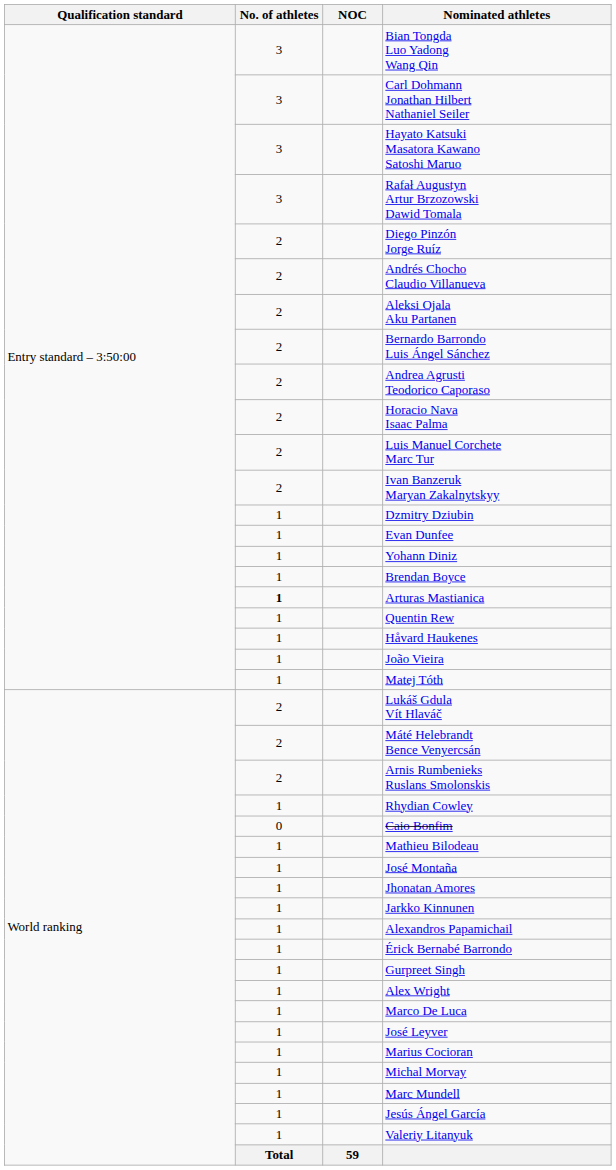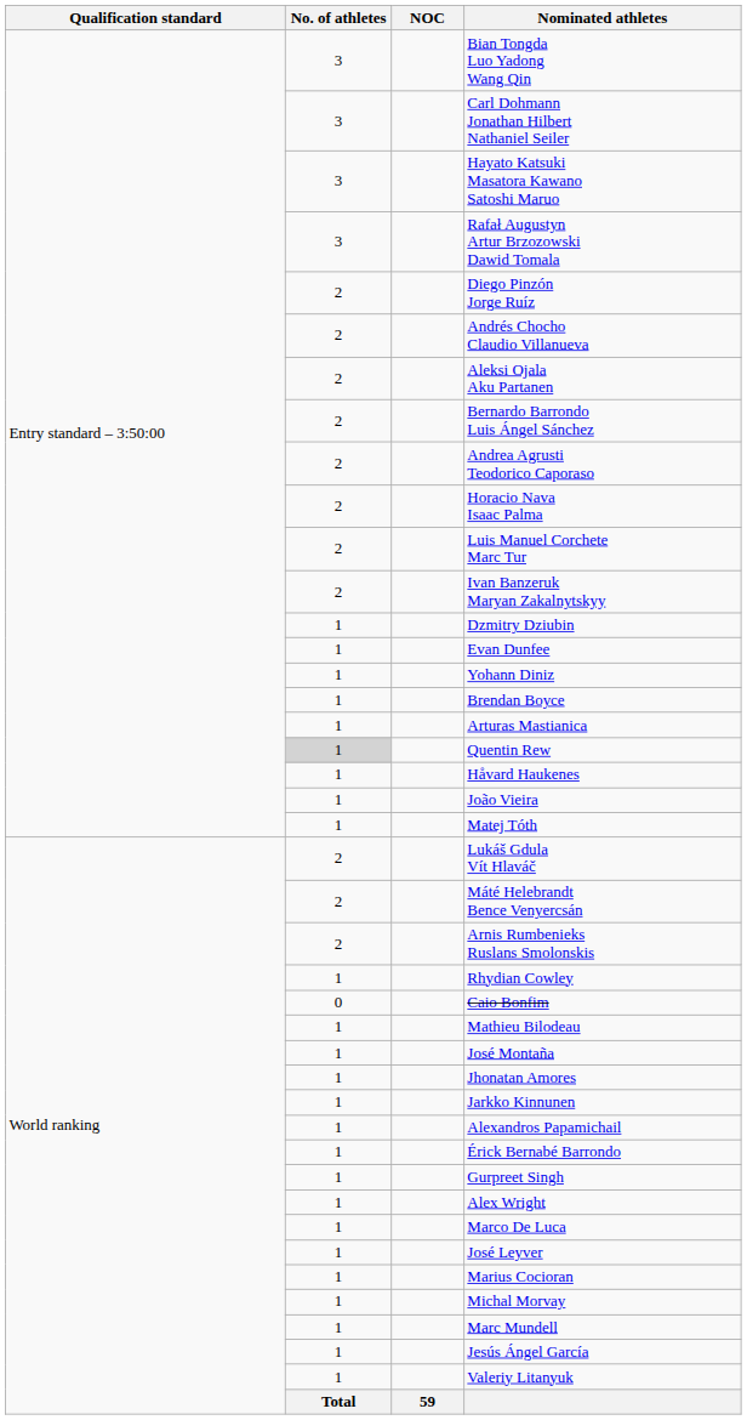 <table class="wikitable" style="text-align:left; width:750px;">
 <tr>
 <th>Qualification standard</th>
 <th width=100>No. of athletes</th>
 <th>NOC</th>
 <th>Nominated athletes</th>
 </tr>
 <tr>
 <td rowspan=21>Entry standard – 3:50:00</td>
 <td align=center>3</td>
 <td></td>
 <td><a href='#'>Bian Tongda</a><br><a href='#'>Luo Yadong</a><br><a href='#'>Wang Qin</a></td>
 </tr>
 <tr>
 <td align=center>3</td>
 <td></td>
 <td><a href='#'>Carl Dohmann</a><br><a href='#'>Jonathan Hilbert</a><br><a href='#'>Nathaniel Seiler</a></td>
 </tr>
 <tr>
 <td align=center>3</td>
 <td></td>
 <td><a href='#'>Hayato Katsuki</a><br><a href='#'>Masatora Kawano</a><br><a href='#'>Satoshi Maruo</a></td>
 </tr>
 <tr>
 <td align="center">3</td>
 <td></td>
 <td><a href='#'>Rafał Augustyn</a><br><a href='#'>Artur Brzozowski</a><br><a href='#'>Dawid Tomala</a></td>
 </tr>
 <tr>
 <td align=center>2</td>
 <td></td>
 <td><a href='#'>Diego Pinzón</a><br><a href='#'>Jorge Ruíz</a></td>
 </tr>
 <tr>
 <td align=center>2</td>
 <td></td>
 <td><a href='#'>Andrés Chocho</a><br><a href='#'>Claudio Villanueva</a></td>
 </tr>
 <tr>
 <td align=center>2</td>
 <td></td>
 <td><a href='#'>Aleksi Ojala</a><br><a href='#'>Aku Partanen</a></td>
 </tr>
 <tr>
 <td align="center">2</td>
 <td></td>
 <td><a href='#'>Bernardo Barrondo</a><br><a href='#'>Luis Ángel Sánchez</a></td>
 </tr>
 <tr>
 <td align=center>2</td>
 <td></td>
 <td><a href='#'>Andrea Agrusti</a><br><a href='#'>Teodorico Caporaso</a></td>
 </tr>
 <tr>
 <td align="center">2</td>
 <td></td>
 <td><a href='#'>Horacio Nava</a><br><a href='#'>Isaac Palma</a></td>
 </tr>
 <tr>
 <td align=center>2</td>
 <td></td>
 <td><a href='#'>Luis Manuel Corchete</a><br><a href='#'>Marc Tur</a></td>
 </tr>
 <tr>
 <td align=center>2</td>
 <td></td>
 <td><a href='#'>Ivan Banzeruk</a><br><a href='#'>Maryan Zakalnytskyy</a></td>
 </tr>
 <tr>
 <td align="center">1</td>
 <td></td>
 <td><a href='#'>Dzmitry Dziubin</a></td>
 </tr>
 <tr>
 <td align="center">1</td>
 <td></td>
 <td><a href='#'>Evan Dunfee</a></td>
 </tr>
 <tr>
 <td align=center>1</td>
 <td></td>
 <td><a href='#'>Yohann Diniz</a></td>
 </tr>
 <tr>
 <td align=center>1</td>
 <td></td>
 <td><a href='#'>Brendan Boyce</a></td>
 </tr>
 <tr>
-<td align=center><strong>1</strong></td>
+<td align=center>1</td>
 <td></td>
 <td><a href='#'>Arturas Mastianica</a></td>
 </tr>
 <tr>
-<td align=center>1</td>
+<td align=center style="background: lightgrey;">1</td>
 <td></td>
 <td><a href='#'>Quentin Rew</a></td>
 </tr>
 <tr>
 <td align=center>1</td>
 <td></td>
 <td><a href='#'>Håvard Haukenes</a></td>
 </tr>
 <tr>
 <td align=center>1</td>
 <td></td>
 <td><a href='#'>João Vieira</a></td>
 </tr>
 <tr>
 <td align=center>1</td>
 <td></td>
 <td><a href='#'>Matej Tóth</a></td>
 </tr>
 <tr>
 <td rowspan=21>World ranking</td>
 <td align=center>2</td>
 <td></td>
 <td><a href='#'>Lukáš Gdula</a><br><a href='#'>Vít Hlaváč</a></td>
 </tr>
 <tr>
 <td align=center>2</td>
 <td></td>
 <td><a href='#'>Máté Helebrandt</a><br><a href='#'>Bence Venyercsán</a></td>
 </tr>
 <tr>
 <td align=center>2</td>
 <td></td>
 <td><a href='#'>Arnis Rumbenieks</a><br><a href='#'>Ruslans Smolonskis</a></td>
 </tr>
 <tr>
 <td align=center>1</td>
 <td></td>
 <td><a href='#'>Rhydian Cowley</a></td>
 </tr>
 <tr>
 <td align=center>0</td>
 <td></td>
 <td><s><a href='#'>Caio Bonfim</a></s></td>
 </tr>
 <tr>
 <td align="center">1</td>
 <td></td>
 <td><a href='#'>Mathieu Bilodeau</a></td>
 </tr>
 <tr>
 <td align=center>1</td>
 <td></td>
 <td><a href='#'>José Montaña</a></td>
 </tr>
 <tr>
 <td align=center>1</td>
 <td></td>
 <td><a href='#'>Jhonatan Amores</a></td>
 </tr>
 <tr>
 <td align=center>1</td>
 <td></td>
 <td><a href='#'>Jarkko Kinnunen</a></td>
 </tr>
 <tr>
 <td align=center>1</td>
 <td></td>
 <td><a href='#'>Alexandros Papamichail</a></td>
 </tr>
 <tr>
 <td align="center">1</td>
 <td></td>
 <td><a href='#'>Érick Bernabé Barrondo</a></td>
 </tr>
 <tr>
 <td align=center>1</td>
 <td></td>
 <td><a href='#'>Gurpreet Singh</a></td>
 </tr>
 <tr>
 <td align=center>1</td>
 <td></td>
 <td><a href='#'>Alex Wright</a></td>
 </tr>
 <tr>
 <td align=center>1</td>
 <td></td>
 <td><a href='#'>Marco De Luca</a></td>
 </tr>
 <tr>
 <td align="center">1</td>
 <td></td>
 <td><a href='#'>José Leyver</a></td>
 </tr>
 <tr>
 <td align=center>1</td>
 <td></td>
 <td><a href='#'>Marius Cocioran</a></td>
 </tr>
 <tr>
 <td align=center>1</td>
 <td></td>
 <td><a href='#'>Michal Morvay</a></td>
 </tr>
 <tr>
 <td align=center>1</td>
 <td></td>
 <td><a href='#'>Marc Mundell</a></td>
 </tr>
 <tr>
 <td align=center>1</td>
 <td></td>
 <td><a href='#'>Jesús Ángel García</a></td>
 </tr>
 <tr>
 <td align=center>1</td>
 <td></td>
 <td><a href='#'>Valeriy Litanyuk</a></td>
 </tr>
 <tr>
 <th>Total</th>
 <th>59</th>
 <th colspan=2></th>
 </tr>
 </table>
